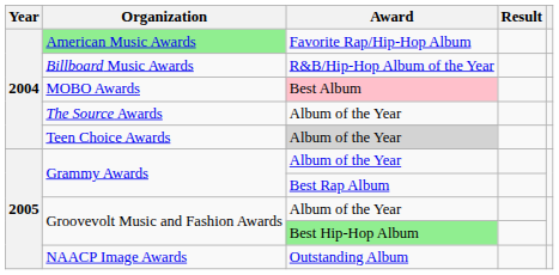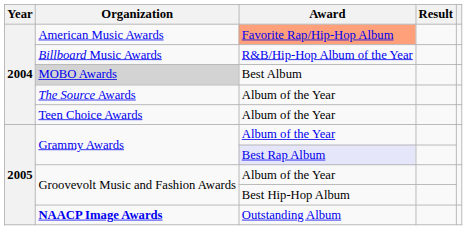 <table class="wikitable sortable plainrowheaders" style="border:none; margin:0;">
 <tr>
 <th scope="col">Year</th>
 <th scope="col">Organization</th>
 <th scope="col">Award</th>
 <th scope="col">Result</th>
 <th scope="col" class="unsortable"></th>
 </tr>
 <tr>
 <th scope="row" rowspan="5">2004</th>
-<td style="background: lightgreen;"><a href='#'>American Music Awards</a></td>
-<td><a href='#'>Favorite Rap/Hip-Hop Album</a></td>
+<td><a href='#'>American Music Awards</a></td>
+<td style="background: lightsalmon;"><a href='#'>Favorite Rap/Hip-Hop Album</a></td>
 <td></td>
 <td></td>
 </tr>
 <tr>
 <td><a href='#'><em>Billboard</em> Music Awards</a></td>
 <td><a href='#'>R&B/Hip-Hop Album of the Year</a></td>
 <td></td>
 <td></td>
 </tr>
 <tr>
-<td><a href='#'>MOBO Awards</a></td>
-<td style="background: pink;">Best Album</td>
+<td style="background: lightgrey;"><a href='#'>MOBO Awards</a></td>
+<td>Best Album</td>
 <td></td>
 <td></td>
 </tr>
 <tr>
 <td><a href='#'><em>The Source</em> Awards</a></td>
 <td>Album of the Year</td>
 <td></td>
 <td></td>
 </tr>
 <tr>
 <td><a href='#'>Teen Choice Awards</a></td>
-<td style="background: lightgrey;">Album of the Year</td>
+<td>Album of the Year</td>
 <td></td>
 <td></td>
 </tr>
 <tr>
 <th scope="row" rowspan="5">2005</th>
 <td rowspan="2"><a href='#'>Grammy Awards</a></td>
 <td><a href='#'>Album of the Year</a></td>
 <td></td>
 <td rowspan="2"></td>
 </tr>
 <tr>
-<td><a href='#'>Best Rap Album</a></td>
+<td style="background: lavender;"><a href='#'>Best Rap Album</a></td>
 <td></td>
 </tr>
 <tr>
 <td rowspan="2">Groovevolt Music and Fashion Awards</td>
 <td>Album of the Year</td>
 <td></td>
 <td rowspan="2"></td>
 </tr>
 <tr>
-<td style="background: lightgreen;">Best Hip-Hop Album</td>
+<td>Best Hip-Hop Album</td>
 <td></td>
 </tr>
 <tr>
-<td><a href='#'>NAACP Image Awards</a></td>
+<td><strong><a href='#'>NAACP Image Awards</a></strong></td>
 <td><a href='#'>Outstanding Album</a></td>
 <td></td>
 <td></td>
 </tr>
 </table>
